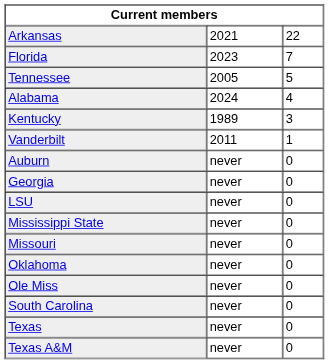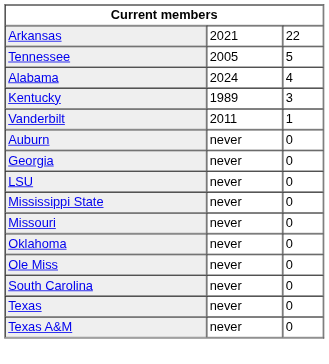 <table border="1" cellpadding="3" cellspacing="0" align="right" width="400px">
 <tr>
 </tr>
 <tr>
 <td colspan=3 align="center"><strong>Current members</strong></td>
 </tr>
 <tr>
 <td bgcolor="#efefef"><a href='#'>Arkansas</a></td>
 <td>2021</td>
 <td>22</td>
-</tr>
-<tr>
-<td bgcolor="#efefef"><a href='#'>Florida</a></td>
-<td>2023</td>
-<td>7</td>
 </tr>
 <tr>
 <td bgcolor="#efefef"><a href='#'>Tennessee</a></td>
 <td>2005</td>
 <td>5</td>
 </tr>
 <tr>
 <td bgcolor=#efefef><a href='#'>Alabama</a></td>
 <td>2024</td>
 <td>4</td>
 </tr>
 <tr>
 <td bgcolor="#efefef"><a href='#'>Kentucky</a></td>
 <td>1989</td>
 <td>3</td>
 </tr>
 <tr>
 <td bgcolor="#efefef"><a href='#'>Vanderbilt</a></td>
 <td>2011</td>
 <td>1</td>
 </tr>
 <tr>
 <td bgcolor="#efefef"><a href='#'>Auburn</a></td>
 <td>never</td>
 <td>0</td>
 </tr>
 <tr>
 <td bgcolor="#efefef"><a href='#'>Georgia</a></td>
 <td>never</td>
 <td>0</td>
 </tr>
 <tr>
 <td bgcolor="#efefef"><a href='#'>LSU</a></td>
 <td>never</td>
 <td>0</td>
 </tr>
 <tr>
 <td bgcolor="#efefef"><a href='#'>Mississippi State</a></td>
 <td>never</td>
 <td>0</td>
 </tr>
 <tr>
 <td bgcolor="#efefef"><a href='#'>Missouri</a></td>
 <td>never</td>
 <td>0</td>
 </tr>
 <tr>
 <td bgcolor="#efefef"><a href='#'>Oklahoma</a></td>
 <td>never</td>
 <td>0</td>
 </tr>
 <tr>
 <td bgcolor="#efefef"><a href='#'>Ole Miss</a></td>
 <td>never</td>
 <td>0</td>
 </tr>
 <tr>
 <td bgcolor="#efefef"><a href='#'>South Carolina</a></td>
 <td>never</td>
 <td>0</td>
 </tr>
 <tr>
 <td bgcolor="#efefef"><a href='#'>Texas</a></td>
 <td>never</td>
 <td>0</td>
 </tr>
 <tr>
 <td bgcolor="#efefef"><a href='#'>Texas A&M</a></td>
 <td>never</td>
 <td>0</td>
 </tr>
 </table>
